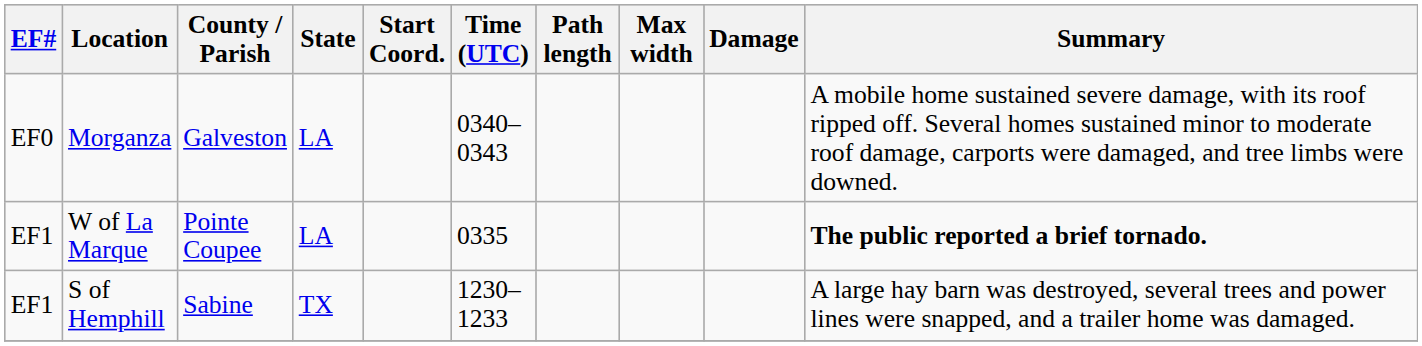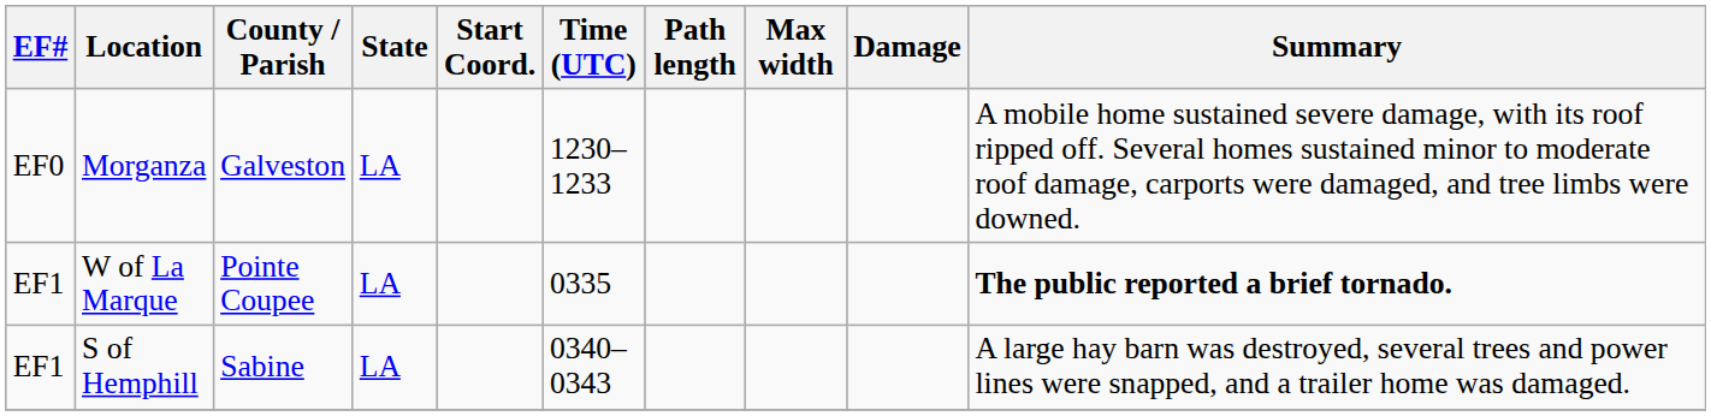 <table class="wikitable sortable" style="width:100%;">
 <tr>
 <th scope="col" width="3%" align="center"><a href='#'>EF#</a></th>
 <th scope="col" width="7%" align="center" class="unsortable">Location</th>
 <th scope="col" width="6%" align="center" class="unsortable">County / Parish</th>
 <th scope="col" width="5%" align="center">State</th>
 <th scope="col" width="6%" align="center">Start Coord.</th>
 <th scope="col" width="6%" align="center">Time (<a href='#'>UTC</a>)</th>
 <th scope="col" width="6%" align="center">Path length</th>
 <th scope="col" width="6%" align="center">Max width</th>
 <th scope="col" width="6%" align="center">Damage</th>
 <th scope="col" width="48%" class="unsortable" align="center">Summary</th>
 </tr>
 <tr>
 <td>EF0</td>
 <td><a href='#'>Morganza</a></td>
 <td><a href='#'>Galveston</a></td>
 <td><a href='#'>LA</a></td>
 <td></td>
-<td>0340–0343</td>
+<td>1230–1233</td>
 <td></td>
 <td></td>
 <td></td>
 <td>A mobile home sustained severe damage, with its roof ripped off. Several homes sustained minor to moderate roof damage, carports were damaged, and tree limbs were downed.</td>
 </tr>
 <tr>
 <td>EF1</td>
 <td>W of <a href='#'>La Marque</a></td>
 <td><a href='#'>Pointe Coupee</a></td>
 <td><a href='#'>LA</a></td>
 <td></td>
 <td>0335</td>
 <td></td>
 <td></td>
 <td></td>
 <td><strong>The public reported a brief tornado.</strong></td>
 </tr>
 <tr>
 <td>EF1</td>
 <td>S of <a href='#'>Hemphill</a></td>
 <td><a href='#'>Sabine</a></td>
-<td><a href='#'>TX</a></td>
+<td><a href='#'>LA</a></td>
 <td></td>
-<td>1230–1233</td>
+<td>0340–0343</td>
 <td></td>
 <td></td>
 <td></td>
 <td>A large hay barn was destroyed, several trees and power lines were snapped, and a trailer home was damaged.</td>
 </tr>
 <tr>
 </tr>
 </table>
